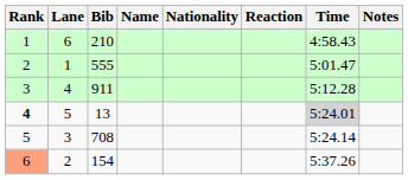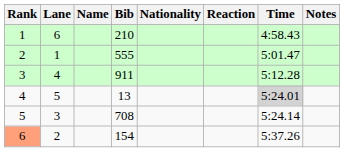 <table class="wikitable sortable" style="text-align:center">
 <tr>
 <th>Rank</th>
 <th>Lane</th>
+<th>Name</th>
 <th>Bib</th>
-<th>Name</th>
 <th>Nationality</th>
 <th>Reaction</th>
 <th>Time</th>
 <th>Notes</th>
 </tr>
 <tr bgcolor=ccffcc>
 <td>1</td>
 <td>6</td>
+<td align=left></td>
 <td>210</td>
-<td align=left></td>
 <td align=left></td>
 <td></td>
 <td>4:58.43</td>
 <td><strong></strong></td>
 </tr>
 <tr bgcolor=ccffcc>
 <td>2</td>
 <td>1</td>
+<td align=left></td>
 <td>555</td>
-<td align=left></td>
 <td align=left></td>
 <td></td>
 <td>5:01.47</td>
 <td><strong></strong></td>
 </tr>
 <tr bgcolor=ccffcc>
 <td>3</td>
 <td>4</td>
+<td align=left></td>
 <td>911</td>
-<td align=left></td>
 <td align=left></td>
 <td></td>
 <td>5:12.28</td>
 <td><strong></strong></td>
 </tr>
 <tr>
-<td><strong>4</strong></td>
+<td>4</td>
 <td>5</td>
+<td align=left></td>
 <td>13</td>
-<td align=left></td>
 <td align=left></td>
 <td></td>
 <td style="background: lightgrey;">5:24.01</td>
 <td></td>
 </tr>
 <tr>
 <td>5</td>
 <td>3</td>
+<td align=left></td>
 <td>708</td>
-<td align=left></td>
 <td align=left></td>
 <td></td>
 <td>5:24.14</td>
 <td></td>
 </tr>
 <tr>
 <td style="background: lightsalmon;">6</td>
 <td>2</td>
+<td align=left></td>
 <td>154</td>
-<td align=left></td>
 <td align=left></td>
 <td></td>
 <td>5:37.26</td>
 <td></td>
 </tr>
 </table>
